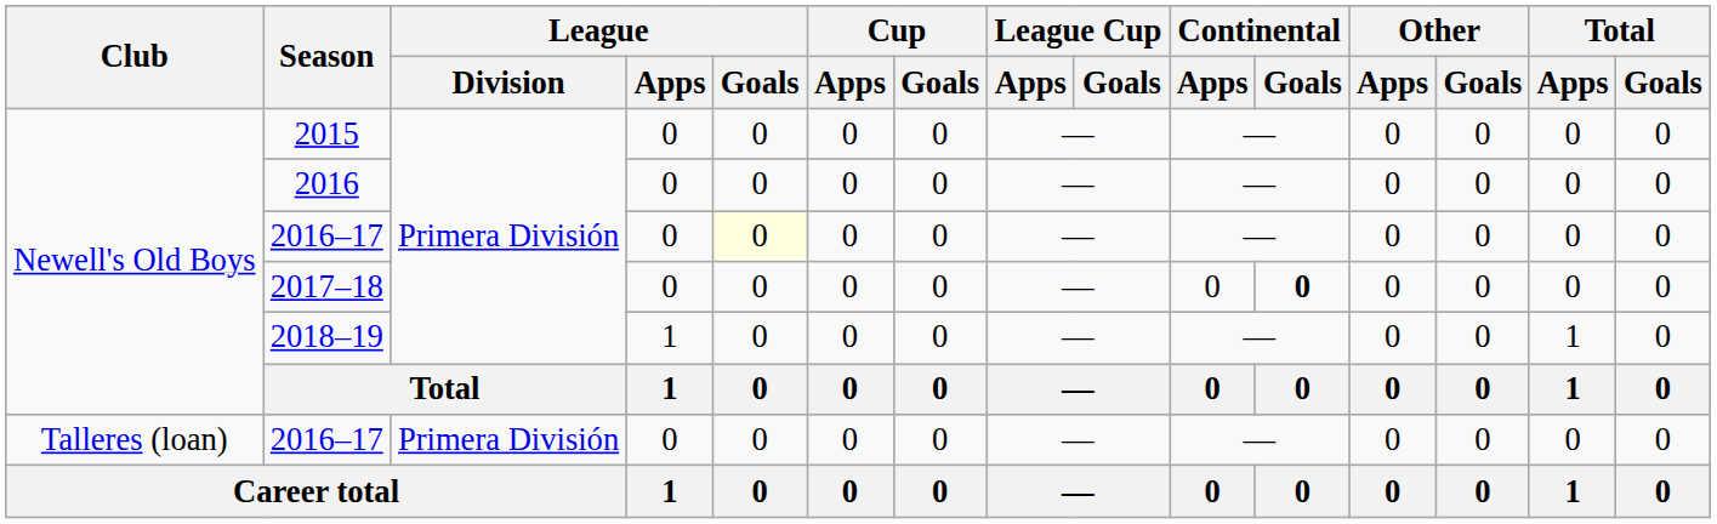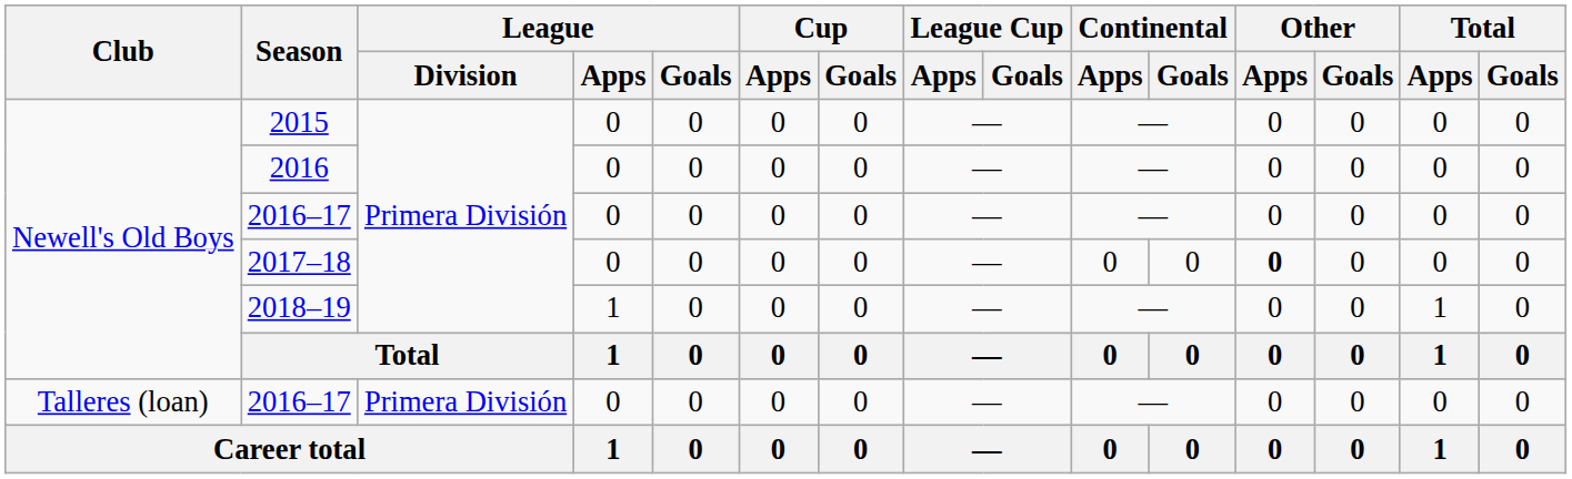 <table class="wikitable" style="text-align:center">
 <tr>
 <th rowspan="2">Club</th>
 <th rowspan="2">Season</th>
 <th colspan="3">League</th>
 <th colspan="2">Cup</th>
 <th colspan="2">League Cup</th>
 <th colspan="2">Continental</th>
 <th colspan="2">Other</th>
 <th colspan="2">Total</th>
 </tr>
 <tr>
 <th>Division</th>
 <th>Apps</th>
 <th>Goals</th>
 <th>Apps</th>
 <th>Goals</th>
 <th>Apps</th>
 <th>Goals</th>
 <th>Apps</th>
 <th>Goals</th>
 <th>Apps</th>
 <th>Goals</th>
 <th>Apps</th>
 <th>Goals</th>
 </tr>
 <tr>
 <td rowspan="6"><a href='#'>Newell's Old Boys</a></td>
 <td><a href='#'>2015</a></td>
 <td rowspan="5"><a href='#'>Primera División</a></td>
 <td>0</td>
 <td>0</td>
 <td>0</td>
 <td>0</td>
 <td colspan="2">—</td>
 <td colspan="2">—</td>
 <td>0</td>
 <td>0</td>
 <td>0</td>
 <td>0</td>
 </tr>
 <tr>
 <td><a href='#'>2016</a></td>
 <td>0</td>
 <td>0</td>
 <td>0</td>
 <td>0</td>
 <td colspan="2">—</td>
 <td colspan="2">—</td>
 <td>0</td>
 <td>0</td>
 <td>0</td>
 <td>0</td>
 </tr>
 <tr>
 <td><a href='#'>2016–17</a></td>
 <td>0</td>
-<td style="background: lightyellow;">0</td>
+<td>0</td>
 <td>0</td>
 <td>0</td>
 <td colspan="2">—</td>
 <td colspan="2">—</td>
 <td>0</td>
 <td>0</td>
 <td>0</td>
 <td>0</td>
 </tr>
 <tr>
 <td><a href='#'>2017–18</a></td>
 <td>0</td>
 <td>0</td>
 <td>0</td>
 <td>0</td>
 <td colspan="2">—</td>
 <td>0</td>
+<td>0</td>
 <td><strong>0</strong></td>
-<td>0</td>
 <td>0</td>
 <td>0</td>
 <td>0</td>
 </tr>
 <tr>
 <td><a href='#'>2018–19</a></td>
 <td>1</td>
 <td>0</td>
 <td>0</td>
 <td>0</td>
 <td colspan="2">—</td>
 <td colspan="2">—</td>
 <td>0</td>
 <td>0</td>
 <td>1</td>
 <td>0</td>
 </tr>
 <tr>
 <th colspan="2">Total</th>
 <th>1</th>
 <th>0</th>
 <th>0</th>
 <th>0</th>
 <th colspan="2">—</th>
 <th>0</th>
 <th>0</th>
 <th>0</th>
 <th>0</th>
 <th>1</th>
 <th>0</th>
 </tr>
 <tr>
 <td rowspan="1"><a href='#'>Talleres</a> (loan)</td>
 <td><a href='#'>2016–17</a></td>
 <td rowspan="1"><a href='#'>Primera División</a></td>
 <td>0</td>
 <td>0</td>
 <td>0</td>
 <td>0</td>
 <td colspan="2">—</td>
 <td colspan="2">—</td>
 <td>0</td>
 <td>0</td>
 <td>0</td>
 <td>0</td>
 </tr>
 <tr>
 <th colspan="3">Career total</th>
 <th>1</th>
 <th>0</th>
 <th>0</th>
 <th>0</th>
 <th colspan="2">—</th>
 <th>0</th>
 <th>0</th>
 <th>0</th>
 <th>0</th>
 <th>1</th>
 <th>0</th>
 </tr>
 </table>
